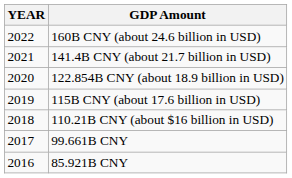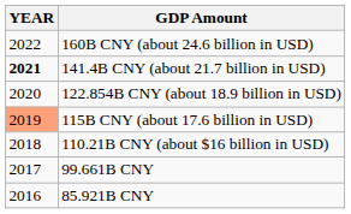 <table class="wikitable">
 <tr>
 <th>YEAR</th>
 <th>GDP Amount</th>
 </tr>
 <tr>
 <td>2022</td>
 <td>160B CNY (about 24.6 billion in USD) </td>
 </tr>
 <tr>
-<td>2021</td>
+<td><strong>2021</strong></td>
 <td>141.4B CNY (about 21.7 billion in USD)</td>
 </tr>
 <tr>
 <td>2020</td>
 <td>122.854B CNY (about 18.9 billion in USD)</td>
 </tr>
 <tr>
-<td>2019</td>
+<td style="background: lightsalmon;">2019</td>
 <td>115B CNY (about 17.6 billion in USD)</td>
 </tr>
 <tr>
 <td>2018</td>
 <td>110.21B CNY (about $16 billion in USD)</td>
 </tr>
 <tr>
 <td>2017</td>
 <td>99.661B CNY</td>
 </tr>
 <tr>
 <td>2016</td>
 <td>85.921B CNY</td>
 </tr>
 </table>
